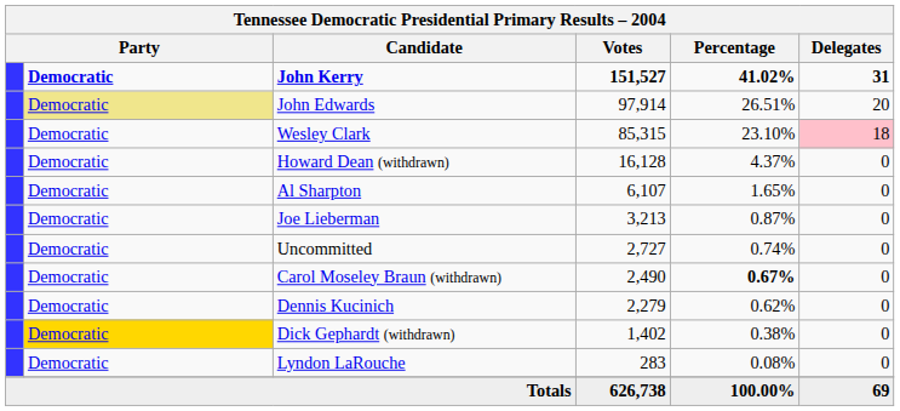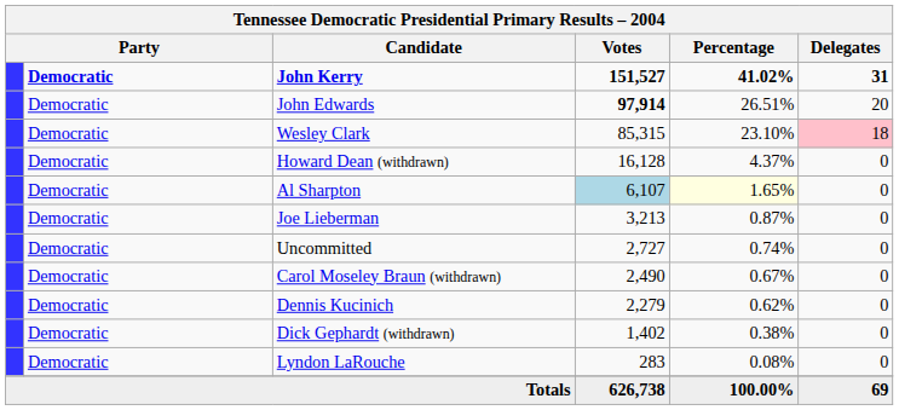 <table class="wikitable" style="font-size: 95%;">
 <tr>
 <th colspan="6">Tennessee Democratic Presidential Primary Results – 2004</th>
 </tr>
 <tr>
 <th colspan="2" style="width: 15em">Party</th>
 <th style="width: 17em">Candidate</th>
 <th style="width: 5em">Votes</th>
 <th style="width: 7em">Percentage</th>
 <th style="width: 5em">Delegates</th>
 </tr>
 <tr>
 <th style="background-color:#3333FF; width: 3px"></th>
 <td style="width: 130px"><strong><a href='#'>Democratic</a></strong></td>
 <td><strong><a href='#'>John Kerry</a></strong></td>
 <td align="right"><strong>151,527</strong></td>
 <td align="right"><strong>41.02%</strong></td>
 <td align="right"><strong>31</strong></td>
 </tr>
 <tr>
 <th style="background-color:#3333FF; width: 3px"></th>
-<td style="background: khaki; width: 130px"><a href='#'>Democratic</a></td>
+<td style="width: 130px"><a href='#'>Democratic</a></td>
 <td><a href='#'>John Edwards</a></td>
-<td align="right">97,914</td>
+<td align="right"><strong>97,914</strong></td>
 <td align="right">26.51%</td>
 <td align="right">20</td>
 </tr>
 <tr>
 <th style="background-color:#3333FF; width: 3px"></th>
 <td style="width: 130px"><a href='#'>Democratic</a></td>
 <td><a href='#'>Wesley Clark</a></td>
 <td align="right">85,315</td>
 <td align="right">23.10%</td>
 <td align="right" style="background: pink;">18</td>
 </tr>
 <tr>
 <th style="background-color:#3333FF; width: 3px"></th>
 <td style="width: 130px"><a href='#'>Democratic</a></td>
 <td><a href='#'>Howard Dean</a> <small>(withdrawn)</small></td>
 <td align="right">16,128</td>
 <td align="right">4.37%</td>
 <td align="right">0</td>
 </tr>
 <tr>
 <th style="background-color:#3333FF; width: 3px"></th>
 <td style="width: 130px"><a href='#'>Democratic</a></td>
 <td><a href='#'>Al Sharpton</a></td>
-<td align="right">6,107</td>
-<td align="right">1.65%</td>
+<td align="right" style="background: lightblue;">6,107</td>
+<td align="right" style="background: lightyellow;">1.65%</td>
 <td align="right">0</td>
 </tr>
 <tr>
 <th style="background-color:#3333FF; width: 3px"></th>
 <td style="width: 130px"><a href='#'>Democratic</a></td>
 <td><a href='#'>Joe Lieberman</a></td>
 <td align="right">3,213</td>
 <td align="right">0.87%</td>
 <td align="right">0</td>
 </tr>
 <tr>
 <th style="background-color:#3333FF; width: 3px"></th>
 <td style="width: 130px"><a href='#'>Democratic</a></td>
 <td>Uncommitted</td>
 <td align="right">2,727</td>
 <td align="right">0.74%</td>
 <td align="right">0</td>
 </tr>
 <tr>
 <th style="background-color:#3333FF; width: 3px"></th>
 <td style="width: 130px"><a href='#'>Democratic</a></td>
 <td><a href='#'>Carol Moseley Braun</a> <small>(withdrawn)</small></td>
 <td align="right">2,490</td>
-<td align="right"><strong>0.67%</strong></td>
+<td align="right">0.67%</td>
 <td align="right">0</td>
 </tr>
 <tr>
 <th style="background-color:#3333FF; width: 3px"></th>
 <td style="width: 130px"><a href='#'>Democratic</a></td>
 <td><a href='#'>Dennis Kucinich</a></td>
 <td align="right">2,279</td>
 <td align="right">0.62%</td>
 <td align="right">0</td>
 </tr>
 <tr>
 <th style="background-color:#3333FF; width: 3px"></th>
-<td style="background: gold; width: 130px"><a href='#'>Democratic</a></td>
+<td style="width: 130px"><a href='#'>Democratic</a></td>
 <td><a href='#'>Dick Gephardt</a> <small>(withdrawn)</small></td>
 <td align="right">1,402</td>
 <td align="right">0.38%</td>
 <td align="right">0</td>
 </tr>
 <tr>
 <th style="background-color:#3333FF; width: 3px"></th>
 <td style="width: 130px"><a href='#'>Democratic</a></td>
 <td><a href='#'>Lyndon LaRouche</a></td>
 <td align="right">283</td>
 <td align="right">0.08%</td>
 <td align="right">0</td>
 </tr>
 <tr>
 </tr>
 <tr bgcolor="#EEEEEE">
 <td colspan="3" align="right"><strong>Totals</strong></td>
 <td align="right"><strong>626,738</strong></td>
 <td align="right"><strong>100.00%</strong></td>
 <td align="right"><strong>69</strong></td>
 </tr>
 </table>
